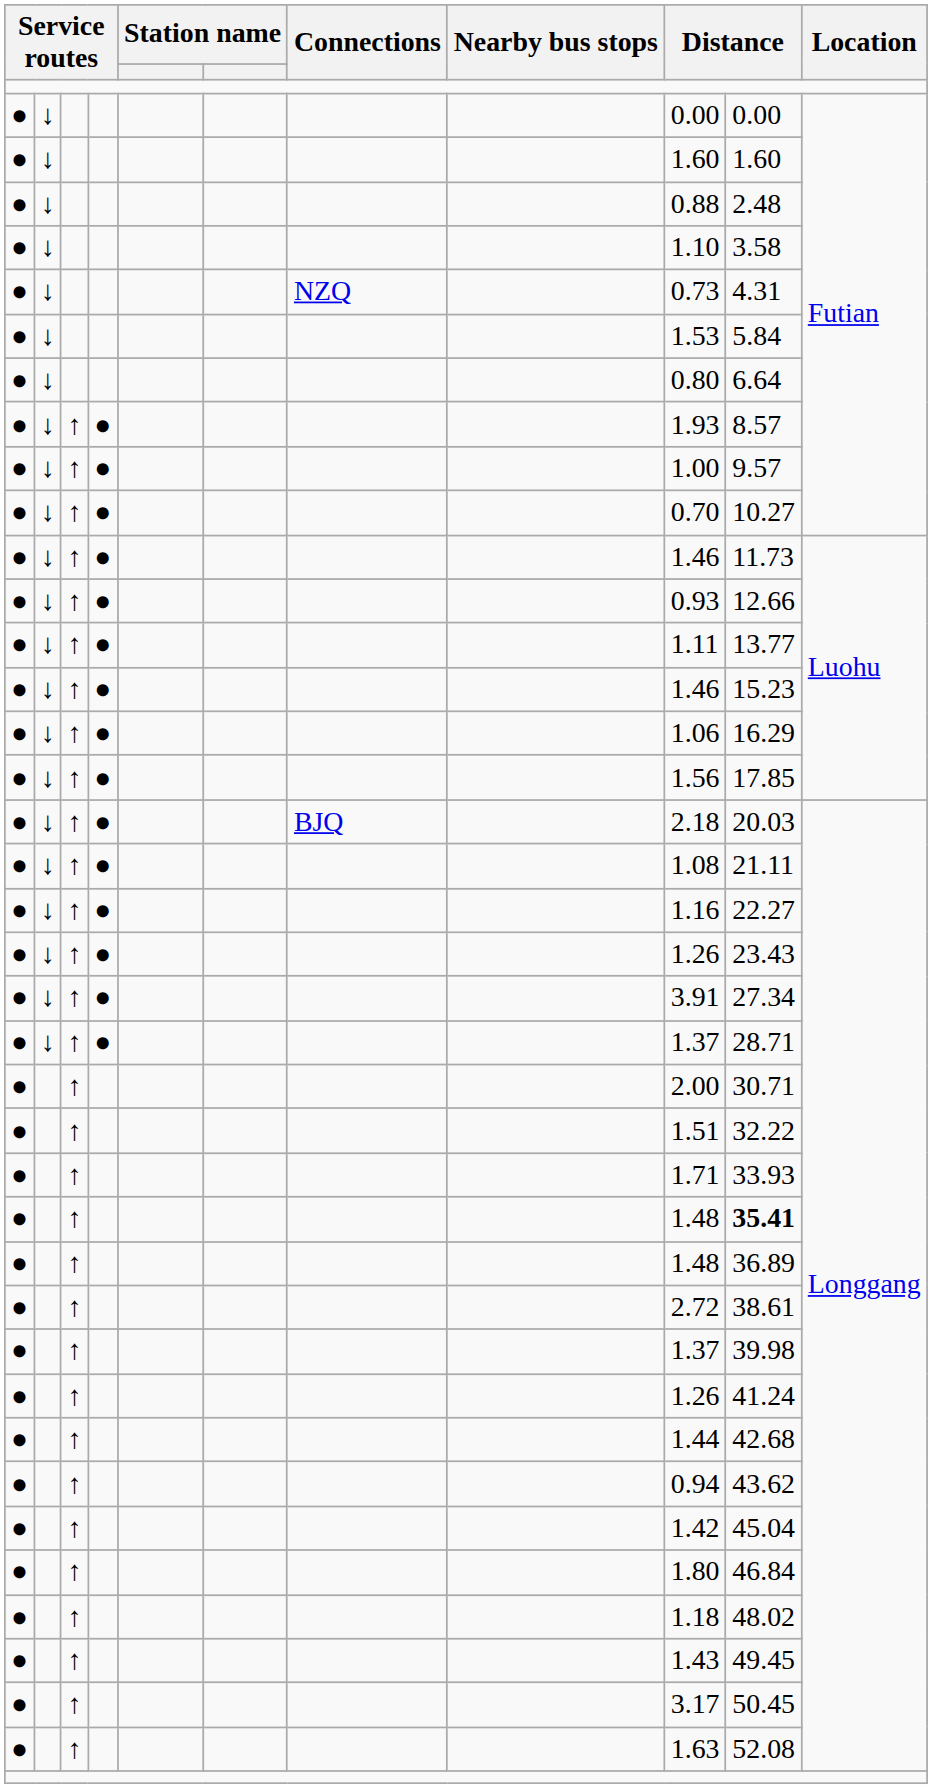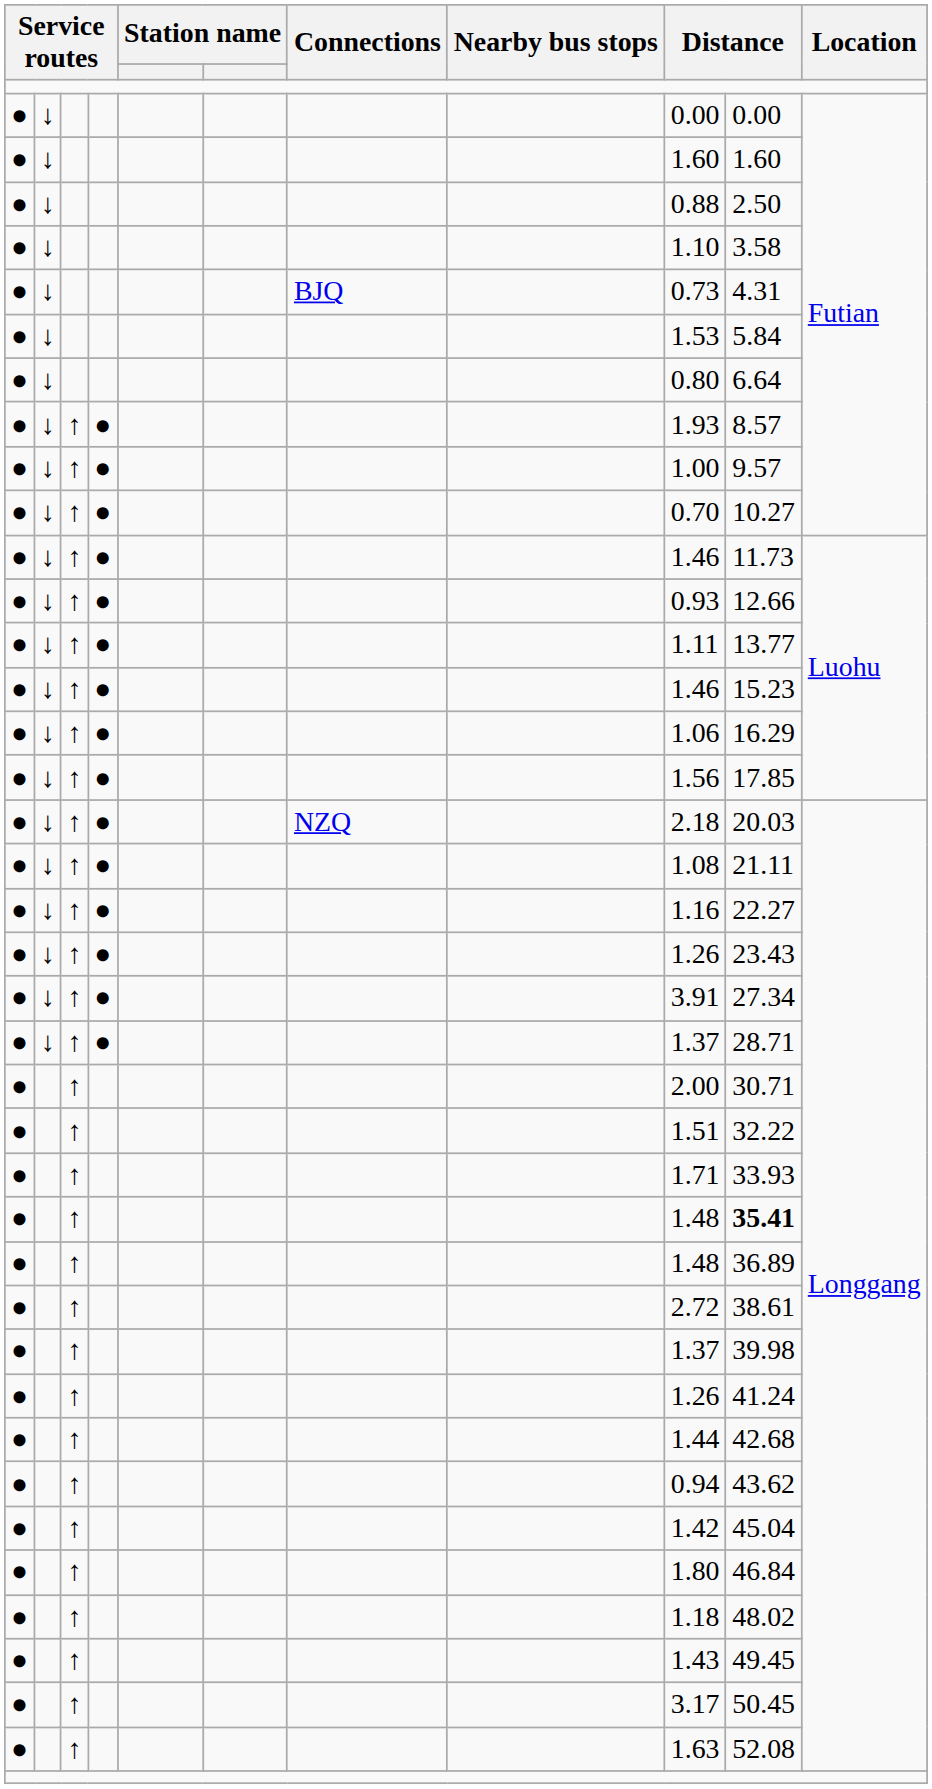 <table class="wikitable">
 <tr>
 <th rowspan="2" colspan="4">Service<br>routes</th>
 <th colspan="2">Station name</th>
 <th rowspan="2">Connections</th>
 <th rowspan="2">Nearby bus stops</th>
 <th colspan="2" rowspan="2">Distance<br></th>
 <th rowspan="2">Location</th>
 </tr>
 <tr>
 <th></th>
 <th></th>
 </tr>
 <tr style="background:#">
 <td colspan = "11"></td>
 </tr>
 <tr>
 <td align="center">●</td>
 <td align="center">↓</td>
 <td align="center"></td>
 <td align="center"></td>
 <td></td>
 <td></td>
 <td></td>
 <td></td>
 <td>0.00</td>
 <td>0.00</td>
 <td rowspan=10><a href='#'>Futian</a></td>
 </tr>
 <tr>
 <td align="center">●</td>
 <td align="center">↓</td>
 <td align="center"></td>
 <td align="center"></td>
 <td></td>
 <td></td>
 <td></td>
 <td></td>
 <td>1.60</td>
 <td>1.60</td>
 </tr>
 <tr>
 <td align="center">●</td>
 <td align="center">↓</td>
 <td align="center"></td>
 <td align="center"></td>
 <td></td>
 <td></td>
 <td></td>
 <td></td>
 <td>0.88</td>
-<td>2.48</td>
+<td>2.50</td>
 </tr>
 <tr>
 <td align="center">●</td>
 <td align="center">↓</td>
 <td align="center"></td>
 <td align="center"></td>
 <td></td>
 <td></td>
 <td></td>
 <td></td>
 <td>1.10</td>
 <td>3.58</td>
 </tr>
 <tr>
 <td align="center">●</td>
 <td align="center">↓</td>
 <td align="center"></td>
 <td align="center"></td>
 <td></td>
 <td></td>
-<td>     <a href='#'>NZQ</a></td>
+<td>   <a href='#'>BJQ</a> </td>
 <td></td>
 <td>0.73</td>
 <td>4.31</td>
 </tr>
 <tr>
 <td align="center">●</td>
 <td align="center">↓</td>
 <td align="center"></td>
 <td align="center"></td>
 <td></td>
 <td></td>
 <td></td>
 <td></td>
 <td>1.53</td>
 <td>5.84</td>
 </tr>
 <tr>
 <td align="center">●</td>
 <td align="center">↓</td>
 <td align="center"></td>
 <td align="center"></td>
 <td></td>
 <td></td>
 <td></td>
 <td></td>
 <td>0.80</td>
 <td>6.64</td>
 </tr>
 <tr>
 <td align="center">●</td>
 <td align="center">↓</td>
 <td align="center">↑</td>
 <td align="center">●</td>
 <td></td>
 <td></td>
 <td></td>
 <td></td>
 <td>1.93</td>
 <td>8.57</td>
 </tr>
 <tr>
 <td align="center">●</td>
 <td align="center">↓</td>
 <td align="center">↑</td>
 <td align="center">●</td>
 <td></td>
 <td></td>
 <td></td>
 <td></td>
 <td>1.00</td>
 <td>9.57</td>
 </tr>
 <tr>
 <td align="center">●</td>
 <td align="center">↓</td>
 <td align="center">↑</td>
 <td align="center">●</td>
 <td></td>
 <td></td>
 <td></td>
 <td></td>
 <td>0.70</td>
 <td>10.27</td>
 </tr>
 <tr>
 <td align="center">●</td>
 <td align="center">↓</td>
 <td align="center">↑</td>
 <td align="center">●</td>
 <td></td>
 <td></td>
 <td> </td>
 <td></td>
 <td>1.46</td>
 <td>11.73</td>
 <td rowspan=6><a href='#'>Luohu</a></td>
 </tr>
 <tr>
 <td align="center">●</td>
 <td align="center">↓</td>
 <td align="center">↑</td>
 <td align="center">●</td>
 <td></td>
 <td></td>
 <td></td>
 <td></td>
 <td>0.93</td>
 <td>12.66</td>
 </tr>
 <tr>
 <td align="center">●</td>
 <td align="center">↓</td>
 <td align="center">↑</td>
 <td align="center">●</td>
 <td></td>
 <td></td>
 <td></td>
 <td></td>
 <td>1.11</td>
 <td>13.77</td>
 </tr>
 <tr>
 <td align="center">●</td>
 <td align="center">↓</td>
 <td align="center">↑</td>
 <td align="center">●</td>
 <td></td>
 <td></td>
 <td></td>
 <td></td>
 <td>1.46</td>
 <td>15.23</td>
 </tr>
 <tr>
 <td align="center">●</td>
 <td align="center">↓</td>
 <td align="center">↑</td>
 <td align="center">●</td>
 <td></td>
 <td></td>
 <td></td>
 <td></td>
 <td>1.06</td>
 <td>16.29</td>
 </tr>
 <tr>
 <td align="center">●</td>
 <td align="center">↓</td>
 <td align="center">↑</td>
 <td align="center">●</td>
 <td></td>
 <td></td>
 <td></td>
 <td></td>
 <td>1.56</td>
 <td>17.85</td>
 </tr>
 <tr>
 <td align="center">●</td>
 <td align="center">↓</td>
 <td align="center">↑</td>
 <td align="center">●</td>
 <td></td>
 <td></td>
-<td>   <a href='#'>BJQ</a> </td>
+<td>     <a href='#'>NZQ</a></td>
 <td></td>
 <td>2.18</td>
 <td>20.03</td>
 <td rowspan=22><a href='#'>Longgang</a></td>
 </tr>
 <tr>
 <td align="center">●</td>
 <td align="center">↓</td>
 <td align="center">↑</td>
 <td align="center">●</td>
 <td></td>
 <td></td>
 <td></td>
 <td></td>
 <td>1.08</td>
 <td>21.11</td>
 </tr>
 <tr>
 <td align="center">●</td>
 <td align="center">↓</td>
 <td align="center">↑</td>
 <td align="center">●</td>
 <td></td>
 <td></td>
 <td></td>
 <td></td>
 <td>1.16</td>
 <td>22.27</td>
 </tr>
 <tr>
 <td align="center">●</td>
 <td align="center">↓</td>
 <td align="center">↑</td>
 <td align="center">●</td>
 <td></td>
 <td></td>
 <td></td>
 <td></td>
 <td>1.26</td>
 <td>23.43</td>
 </tr>
 <tr>
 <td align="center">●</td>
 <td align="center">↓</td>
 <td align="center">↑</td>
 <td align="center">●</td>
 <td></td>
 <td></td>
 <td></td>
 <td></td>
 <td>3.91</td>
 <td>27.34</td>
 </tr>
 <tr>
 <td align="center">●</td>
 <td align="center">↓</td>
 <td align="center">↑</td>
 <td align="center">●</td>
 <td></td>
 <td></td>
 <td></td>
 <td></td>
 <td>1.37</td>
 <td>28.71</td>
 </tr>
 <tr>
 <td align="center">●</td>
 <td align="center"></td>
 <td align="center">↑</td>
 <td align="center"></td>
 <td></td>
 <td></td>
 <td></td>
 <td></td>
 <td>2.00</td>
 <td>30.71</td>
 </tr>
 <tr>
 <td align="center">●</td>
 <td align="center"></td>
 <td align="center">↑</td>
 <td align="center"></td>
 <td></td>
 <td></td>
 <td></td>
 <td></td>
 <td>1.51</td>
 <td>32.22</td>
 </tr>
 <tr>
 <td align="center">●</td>
 <td align="center"></td>
 <td align="center">↑</td>
 <td align="center"></td>
 <td></td>
 <td></td>
 <td></td>
 <td></td>
 <td>1.71</td>
 <td>33.93</td>
 </tr>
 <tr>
 <td align="center">●</td>
 <td align="center"></td>
 <td align="center">↑</td>
 <td align="center"></td>
 <td></td>
 <td></td>
 <td> </td>
 <td></td>
 <td>1.48</td>
 <td><strong>35.41</strong></td>
 </tr>
 <tr>
 <td align="center">●</td>
 <td align="center"></td>
 <td align="center">↑</td>
 <td align="center"></td>
 <td></td>
 <td></td>
 <td></td>
 <td></td>
 <td>1.48</td>
 <td>36.89</td>
 </tr>
 <tr>
 <td align="center">●</td>
 <td align="center"></td>
 <td align="center">↑</td>
 <td align="center"></td>
 <td></td>
 <td></td>
 <td></td>
 <td></td>
 <td>2.72</td>
 <td>38.61</td>
 </tr>
 <tr>
 <td align="center">●</td>
 <td align="center"></td>
 <td align="center">↑</td>
 <td align="center"></td>
 <td></td>
 <td></td>
 <td></td>
 <td></td>
 <td>1.37</td>
 <td>39.98</td>
 </tr>
 <tr>
 <td align="center">●</td>
 <td align="center"></td>
 <td align="center">↑</td>
 <td align="center"></td>
 <td></td>
 <td></td>
 <td></td>
 <td></td>
 <td>1.26</td>
 <td>41.24</td>
 </tr>
 <tr>
 <td align="center">●</td>
 <td align="center"></td>
 <td align="center">↑</td>
 <td align="center"></td>
 <td></td>
 <td></td>
 <td></td>
 <td></td>
 <td>1.44</td>
 <td>42.68</td>
 </tr>
 <tr>
 <td align="center">●</td>
 <td align="center"></td>
 <td align="center">↑</td>
 <td align="center"></td>
 <td></td>
 <td></td>
 <td></td>
 <td></td>
 <td>0.94</td>
 <td>43.62</td>
 </tr>
 <tr>
 <td align="center">●</td>
 <td align="center"></td>
 <td align="center">↑</td>
 <td align="center"></td>
 <td></td>
 <td></td>
 <td></td>
 <td></td>
 <td>1.42</td>
 <td>45.04</td>
 </tr>
 <tr>
 <td align="center">●</td>
 <td align="center"></td>
 <td align="center">↑</td>
 <td align="center"></td>
 <td></td>
 <td></td>
 <td></td>
 <td></td>
 <td>1.80</td>
 <td>46.84</td>
 </tr>
 <tr>
 <td align="center">●</td>
 <td align="center"></td>
 <td align="center">↑</td>
 <td align="center"></td>
 <td></td>
 <td></td>
 <td></td>
 <td></td>
 <td>1.18</td>
 <td>48.02</td>
 </tr>
 <tr>
 <td align="center">●</td>
 <td align="center"></td>
 <td align="center">↑</td>
 <td align="center"></td>
 <td></td>
 <td></td>
 <td></td>
 <td></td>
 <td>1.43</td>
 <td>49.45</td>
 </tr>
 <tr>
 <td align="center">●</td>
 <td align="center"></td>
 <td align="center">↑</td>
 <td align="center"></td>
 <td></td>
 <td></td>
 <td></td>
 <td></td>
 <td>3.17</td>
 <td>50.45</td>
 </tr>
 <tr>
 <td align="center">●</td>
 <td align="center"></td>
 <td align="center">↑</td>
 <td align="center"></td>
 <td></td>
 <td></td>
 <td></td>
 <td></td>
 <td>1.63</td>
 <td>52.08</td>
 </tr>
 <tr style="background:#">
 <td colspan = "11"></td>
 </tr>
 </table>
